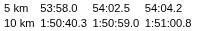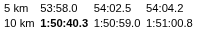 <table>
 <tr>
 <td>5 km<br></td>
 <td></td>
 <td>53:58.0</td>
 <td></td>
 <td>54:02.5</td>
 <td></td>
 <td>54:04.2</td>
 </tr>
 <tr>
 <td>10 km<br></td>
 <td></td>
-<td>1:50:40.3</td>
+<td><strong>1:50:40.3</strong></td>
 <td></td>
 <td>1:50:59.0</td>
 <td></td>
 <td>1:51:00.8</td>
 </tr>
 </table>
